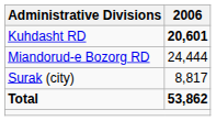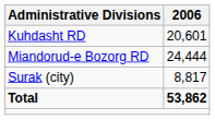 <table class="wikitable">
 <tr>
 <th>Administrative Divisions</th>
 <th>2006</th>
 </tr>
 <tr>
 <td><a href='#'>Kuhdasht RD</a></td>
-<td style="text-align: right;"><strong>20,601</strong></td>
+<td style="text-align: right;">20,601</td>
 </tr>
 <tr>
 <td><a href='#'>Miandorud-e Bozorg RD</a></td>
 <td style="text-align: right;">24,444</td>
 </tr>
 <tr>
 <td><a href='#'>Surak</a> (city)</td>
 <td style="text-align: right;">8,817</td>
 </tr>
 <tr>
 <td><strong>Total</strong></td>
 <td style="text-align: right;"><strong>53,862</strong></td>
 </tr>
 <tr>
 <td colspan=2></td>
 </tr>
 </table>
